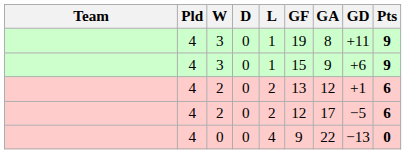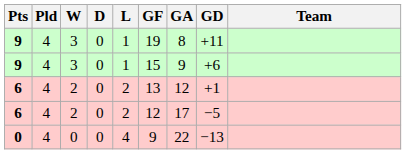 <table class="wikitable" style="text-align: center;">
 <tr>
-<th width="175">Team</th>
+<th width="20">Pts</th>
 <th width="20">Pld</th>
 <th width="20">W</th>
 <th width="20">D</th>
 <th width="20">L</th>
 <th width="20">GF</th>
 <th width="20">GA</th>
 <th width="20">GD</th>
-<th width="20">Pts</th>
+<th width="175">Team</th>
 </tr>
 <tr bgcolor=ccffcc>
-<td align=left></td>
+<td><strong>9</strong></td>
 <td>4</td>
 <td>3</td>
 <td>0</td>
 <td>1</td>
 <td>19</td>
 <td>8</td>
 <td>+11</td>
-<td><strong>9</strong></td>
+<td align=left></td>
 </tr>
 <tr bgcolor=ccffcc>
-<td align=left></td>
+<td><strong>9</strong></td>
 <td>4</td>
 <td>3</td>
 <td>0</td>
 <td>1</td>
 <td>15</td>
 <td>9</td>
 <td>+6</td>
-<td><strong>9</strong></td>
+<td align=left></td>
 </tr>
 <tr bgcolor=ffcccc>
-<td align=left></td>
+<td><strong>6</strong></td>
 <td>4</td>
 <td>2</td>
 <td>0</td>
 <td>2</td>
 <td>13</td>
 <td>12</td>
 <td>+1</td>
-<td><strong>6</strong></td>
+<td align=left></td>
 </tr>
 <tr bgcolor=ffcccc>
-<td align=left></td>
+<td><strong>6</strong></td>
 <td>4</td>
 <td>2</td>
 <td>0</td>
 <td>2</td>
 <td>12</td>
 <td>17</td>
 <td>−5</td>
-<td><strong>6</strong></td>
+<td align=left></td>
 </tr>
 <tr bgcolor=ffcccc>
-<td align=left></td>
+<td><strong>0</strong></td>
 <td>4</td>
 <td>0</td>
 <td>0</td>
 <td>4</td>
 <td>9</td>
 <td>22</td>
 <td>−13</td>
-<td><strong>0</strong></td>
+<td align=left></td>
 </tr>
 </table>
